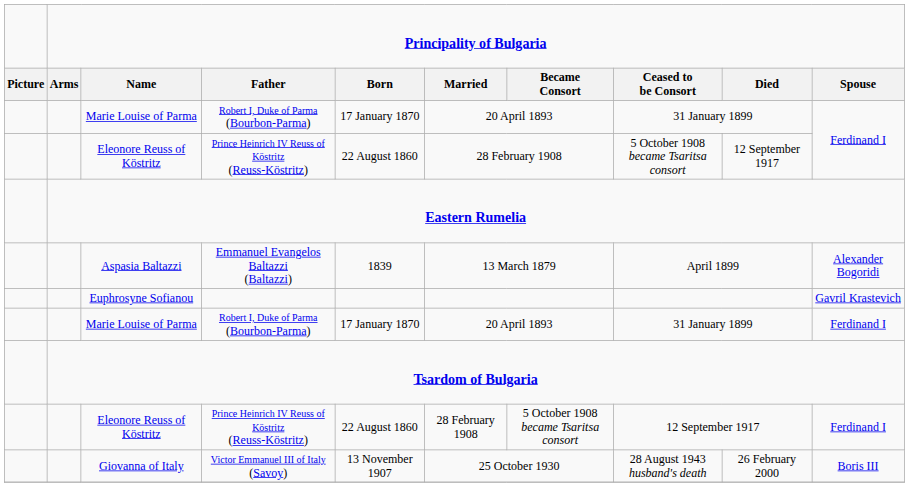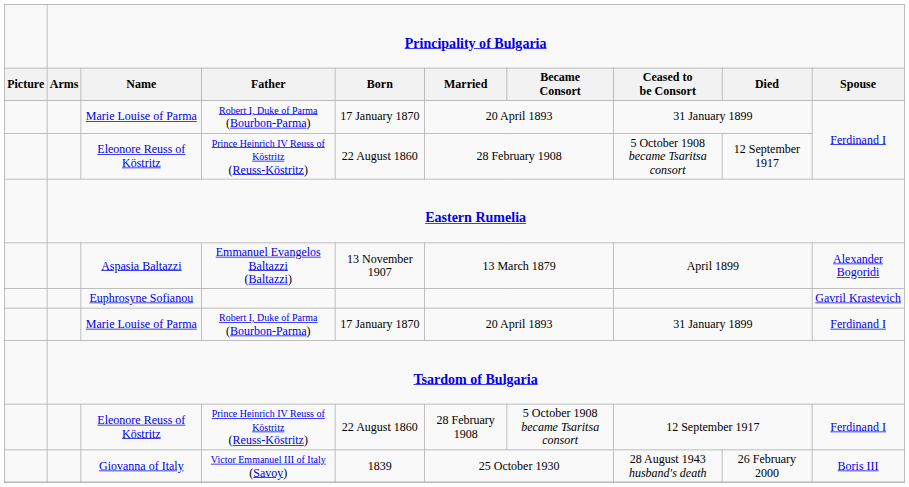 <table width=95% class="wikitable">
 <tr>
 <td></td>
 <td colspan="9" align="center"><br><h3><a href='#'>Principality of Bulgaria</a></h3></td>
 </tr>
 <tr>
 <th>Picture</th>
 <th>Arms</th>
 <th>Name</th>
 <th>Father</th>
 <th>Born</th>
 <th>Married</th>
 <th>Became<br>Consort</th>
 <th>Ceased to<br>be Consort</th>
 <th>Died</th>
 <th>Spouse</th>
 </tr>
 <tr>
 <td></td>
 <td align="center"></td>
 <td align="center"><a href='#'>Marie Louise of Parma</a></td>
 <td align="center"><small><a href='#'>Robert I, Duke of Parma</a></small><br>(<a href='#'>Bourbon-Parma</a>)</td>
 <td align="center">17 January 1870</td>
 <td align="center" colspan="2">20 April 1893</td>
 <td align="center" colspan="2">31 January 1899</td>
 <td align="center" rowspan="2"><a href='#'>Ferdinand I</a></td>
 </tr>
 <tr>
 <td></td>
 <td align="center"></td>
 <td align="center"><a href='#'>Eleonore Reuss of Köstritz</a></td>
 <td align="center"><small><a href='#'>Prince Heinrich IV Reuss of Köstritz</a></small><br>(<a href='#'>Reuss-Köstritz</a>)</td>
 <td align="center">22 August 1860</td>
 <td align="center" colspan="2">28 February 1908</td>
 <td align="center">5 October 1908<br><em>became Tsaritsa consort</em></td>
 <td align="center">12 September 1917</td>
 </tr>
 <tr>
 <td></td>
 <td colspan="9" align="center"><br><h3><a href='#'>Eastern Rumelia</a></h3></td>
 </tr>
 <tr>
 <td></td>
 <td align="center"></td>
 <td align="center"><a href='#'>Aspasia Baltazzi</a></td>
 <td align="center"><a href='#'>Emmanuel Evangelos Baltazzi</a><br>(<a href='#'>Baltazzi</a>)</td>
-<td align="center">1839</td>
+<td align="center">13 November 1907</td>
 <td align="center" colspan="2">13 March 1879</td>
 <td align="center" colspan="2">April 1899</td>
 <td align="center"><a href='#'>Alexander Bogoridi</a></td>
 </tr>
 <tr>
 <td></td>
 <td align="center"></td>
 <td align="center"><a href='#'>Euphrosyne Sofianou</a></td>
 <td align="center"></td>
 <td align="center"></td>
 <td align="center" colspan="2"></td>
 <td align="center" colspan="2"></td>
 <td align="center"><a href='#'>Gavril Krastevich</a></td>
 </tr>
 <tr>
 <td></td>
 <td align="center"></td>
 <td align="center"><a href='#'>Marie Louise of Parma</a></td>
 <td align="center"><small><a href='#'>Robert I, Duke of Parma</a></small><br>(<a href='#'>Bourbon-Parma</a>)</td>
 <td align="center">17 January 1870</td>
 <td align="center" colspan="2">20 April 1893</td>
 <td align="center" colspan="2">31 January 1899</td>
 <td align="center"><a href='#'>Ferdinand I</a></td>
 </tr>
 <tr>
 <td></td>
 <td colspan="9" align="center"><br><h3><a href='#'>Tsardom of Bulgaria</a></h3></td>
 </tr>
 <tr>
 <td></td>
 <td align="center"></td>
 <td align="center"><a href='#'>Eleonore Reuss of Köstritz</a></td>
 <td align="center"><small><a href='#'>Prince Heinrich IV Reuss of Köstritz</a></small><br>(<a href='#'>Reuss-Köstritz</a>)</td>
 <td align="center">22 August 1860</td>
 <td align="center">28 February 1908</td>
 <td align="center">5 October 1908<br><em>became Tsaritsa consort</em></td>
 <td align="center" colspan="2">12 September 1917</td>
 <td align="center"><a href='#'>Ferdinand I</a></td>
 </tr>
 <tr>
 <td></td>
 <td align="center"></td>
 <td align="center"><a href='#'>Giovanna of Italy</a></td>
 <td align="center"><small><a href='#'>Victor Emmanuel III of Italy</a></small><br>(<a href='#'>Savoy</a>)</td>
-<td align="center">13 November 1907</td>
+<td align="center">1839</td>
 <td align="center" colspan="2">25 October 1930</td>
 <td align="center">28 August 1943<br><em>husband's death</em></td>
 <td align="center">26 February 2000</td>
 <td align="center"><a href='#'>Boris III</a></td>
 </tr>
 <tr>
 </tr>
 </table>
